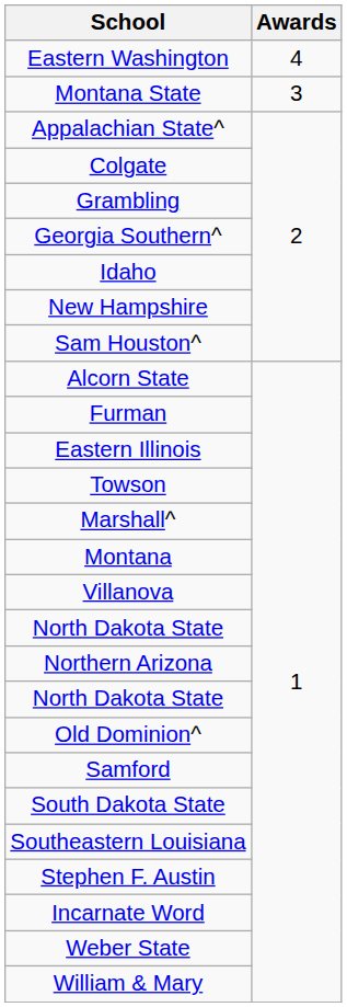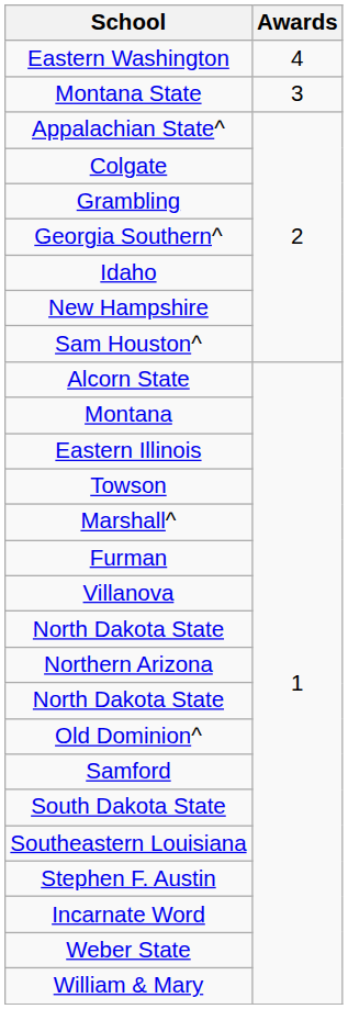 <table class="wikitable sortable" style="text-align:center;" width="auto">
 <tr>
 <th>School</th>
 <th>Awards</th>
 </tr>
 <tr>
 <td><a href='#'>Eastern Washington</a></td>
 <td rowspan="1">4</td>
 </tr>
 <tr>
 <td><a href='#'>Montana State</a></td>
 <td rowspan="1">3</td>
 </tr>
 <tr>
 <td><a href='#'>Appalachian State</a>^</td>
 <td rowspan="7">2</td>
 </tr>
 <tr>
 <td><a href='#'>Colgate</a></td>
 </tr>
 <tr>
 <td><a href='#'>Grambling</a></td>
 </tr>
 <tr>
 <td><a href='#'>Georgia Southern</a>^</td>
 </tr>
 <tr>
 <td><a href='#'>Idaho</a></td>
 </tr>
 <tr>
 <td><a href='#'>New Hampshire</a></td>
 </tr>
 <tr>
 <td><a href='#'>Sam Houston</a>^</td>
 </tr>
 <tr>
 <td><a href='#'>Alcorn State</a></td>
 <td rowspan="18">1</td>
 </tr>
 <tr>
-<td><a href='#'>Furman</a></td>
+<td><a href='#'>Montana</a></td>
 </tr>
 <tr>
 <td><a href='#'>Eastern Illinois</a></td>
 </tr>
 <tr>
 <td><a href='#'>Towson</a></td>
 </tr>
 <tr>
 <td><a href='#'>Marshall</a>^</td>
 </tr>
 <tr>
-<td><a href='#'>Montana</a></td>
+<td><a href='#'>Furman</a></td>
 </tr>
 <tr>
 <td><a href='#'>Villanova</a></td>
 </tr>
 <tr>
 <td><a href='#'>North Dakota State</a></td>
 </tr>
 <tr>
 <td><a href='#'>Northern Arizona</a></td>
 </tr>
 <tr>
 <td><a href='#'>North Dakota State</a></td>
 </tr>
 <tr>
 <td><a href='#'>Old Dominion</a>^</td>
 </tr>
 <tr>
 <td><a href='#'>Samford</a></td>
 </tr>
 <tr>
 <td><a href='#'>South Dakota State</a></td>
 </tr>
 <tr>
 <td><a href='#'>Southeastern Louisiana</a></td>
 </tr>
 <tr>
 <td><a href='#'>Stephen F. Austin</a></td>
 </tr>
 <tr>
 <td><a href='#'>Incarnate Word</a></td>
 </tr>
 <tr>
 <td><a href='#'>Weber State</a></td>
 </tr>
 <tr>
 <td><a href='#'>William & Mary</a></td>
 </tr>
 </table>
